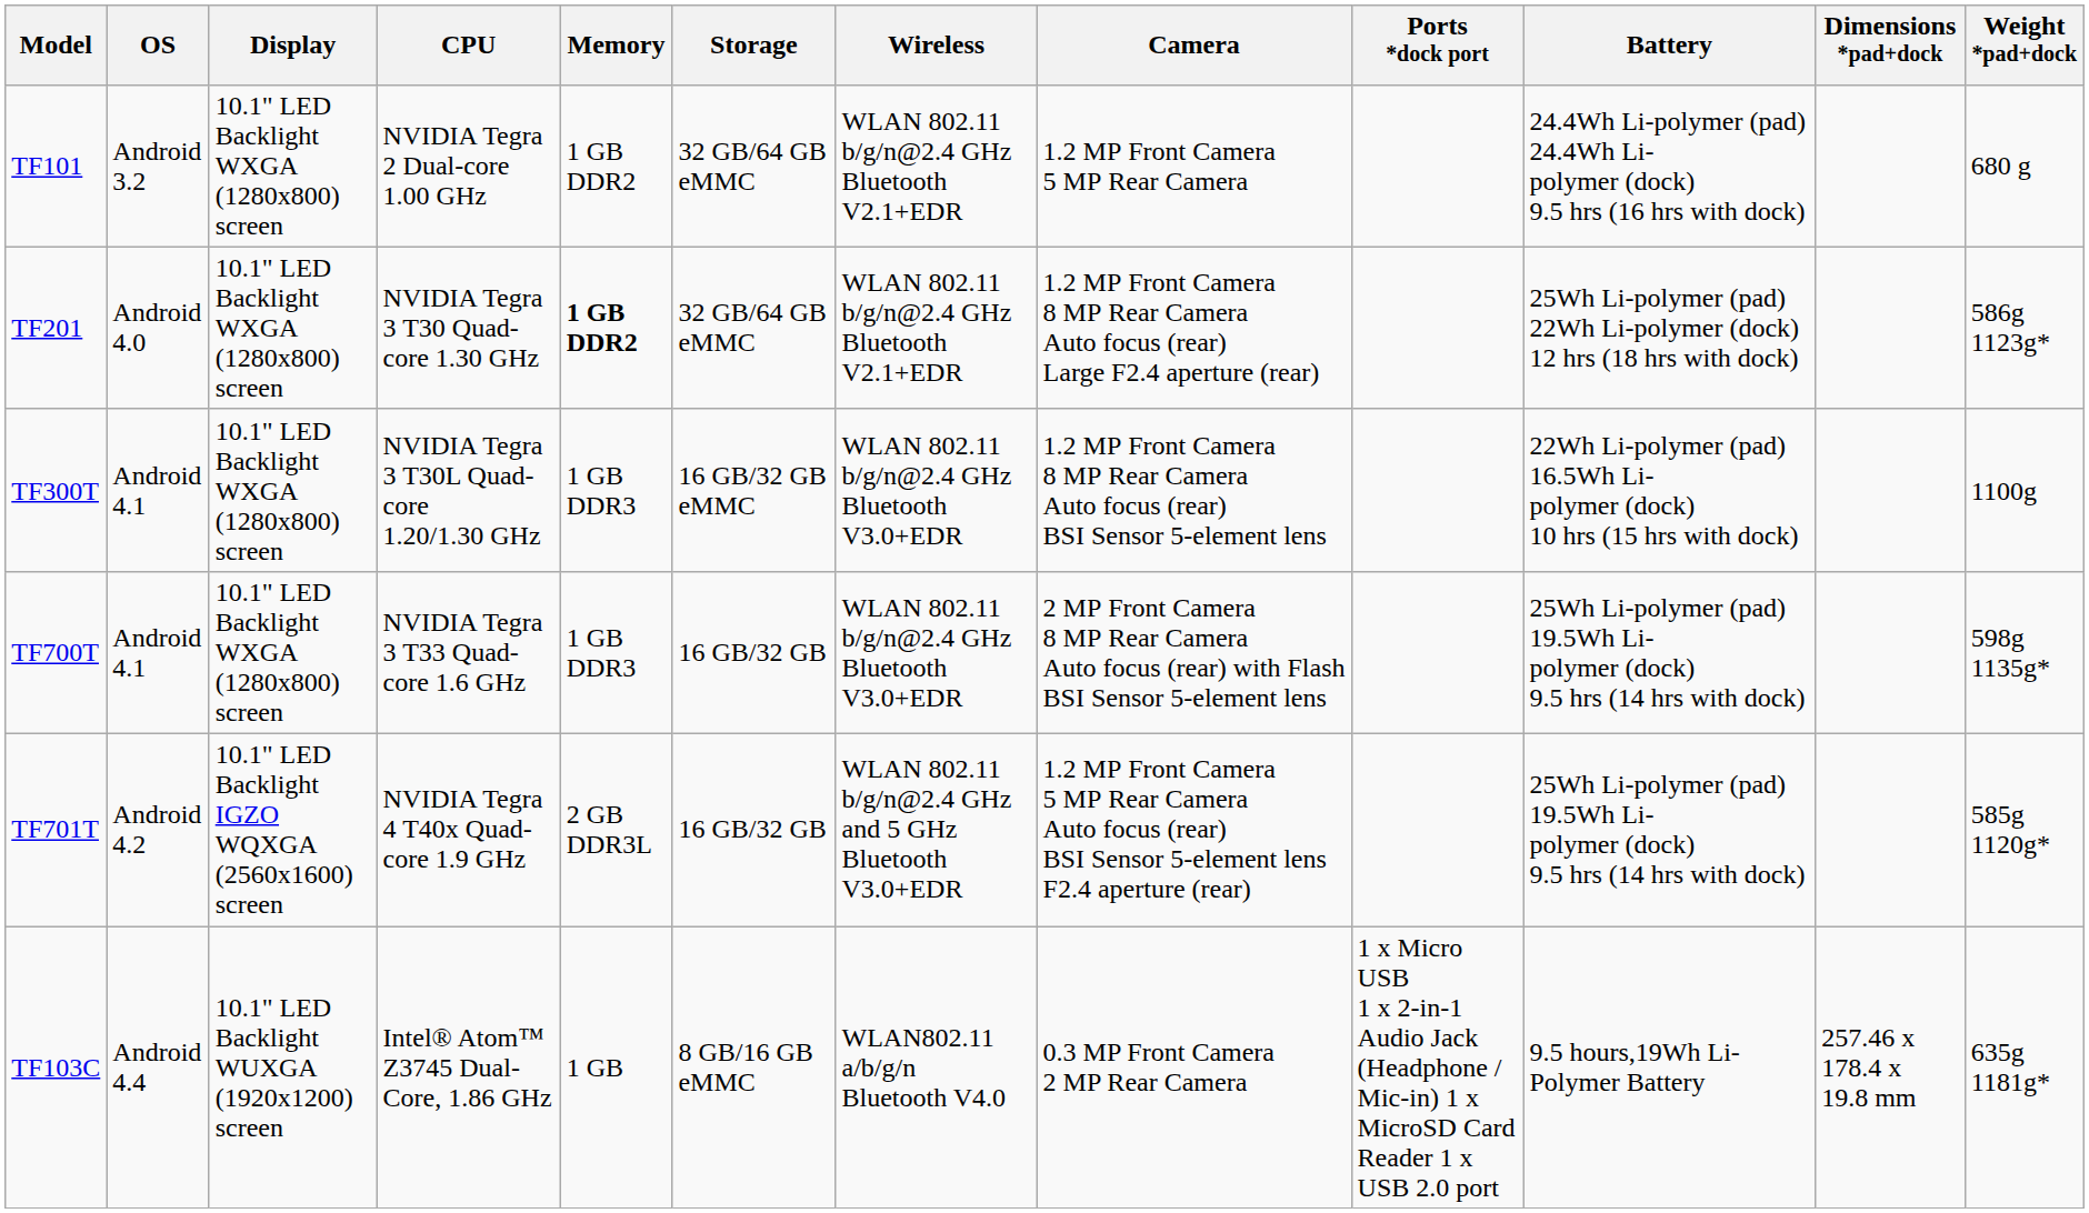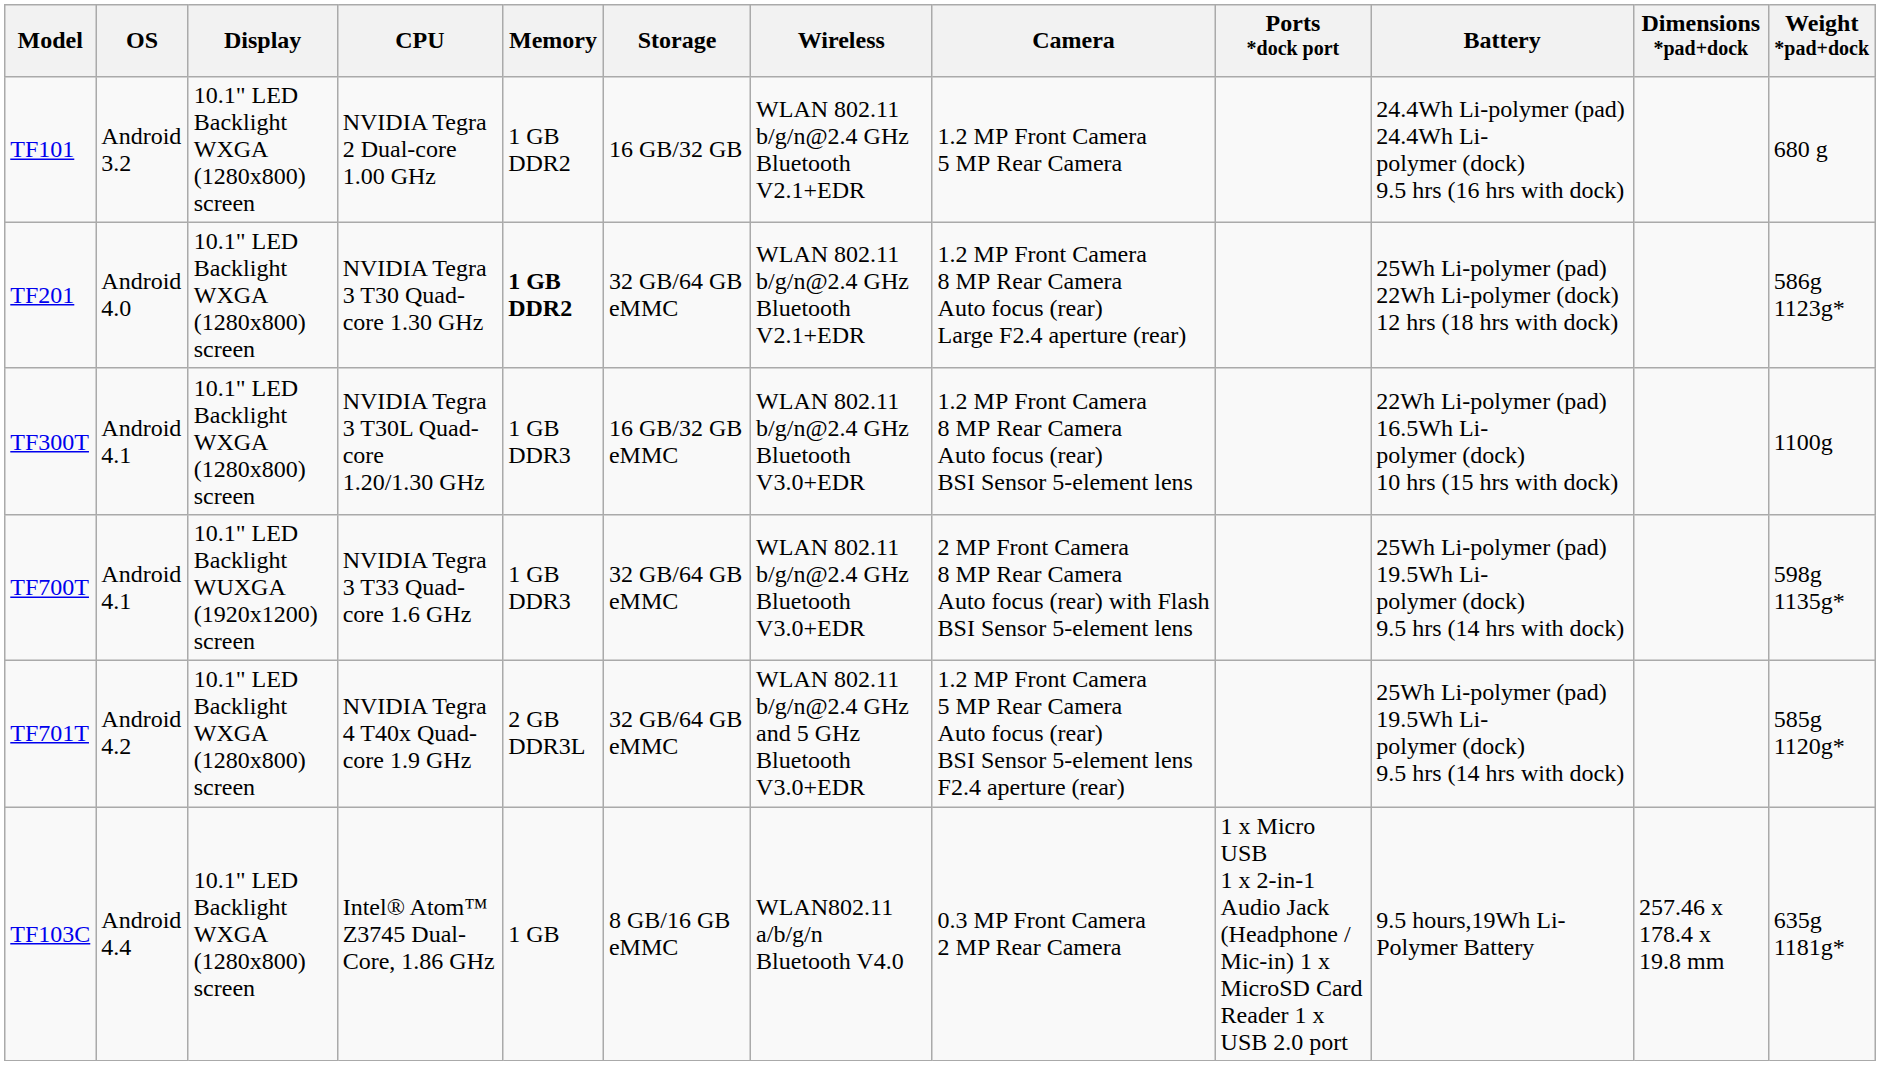 <table class="wikitable">
 <tr>
 <th>Model</th>
 <th>OS</th>
 <th>Display</th>
 <th>CPU</th>
 <th>Memory</th>
 <th>Storage</th>
 <th>Wireless</th>
 <th>Camera</th>
 <th>Ports <div><sup>*dock port</sup></div></th>
 <th>Battery</th>
 <th>Dimensions <div><sup>*pad+dock</sup></div></th>
 <th>Weight <div><sup>*pad+dock</sup></div></th>
 </tr>
 <tr>
 <td><a href='#'>TF101</a></td>
 <td>Android 3.2</td>
 <td>10.1" LED Backlight WXGA (1280x800) screen</td>
 <td>NVIDIA Tegra 2 Dual-core 1.00 GHz</td>
 <td>1 GB DDR2</td>
-<td>32 GB/64 GB eMMC</td>
+<td>16 GB/32 GB</td>
 <td>WLAN 802.11 b/g/n@2.4 GHz Bluetooth V2.1+EDR</td>
 <td>1.2 MP Front Camera<br>5 MP Rear Camera</td>
 <td><br><br><br><br><br></td>
 <td>24.4Wh Li-polymer (pad)<br>24.4Wh Li-polymer (dock)<br>9.5 hrs (16 hrs with dock)</td>
 <td></td>
 <td>680 g</td>
 </tr>
 <tr>
 <td><a href='#'>TF201</a></td>
 <td>Android 4.0</td>
 <td>10.1" LED Backlight WXGA (1280x800) screen</td>
 <td>NVIDIA Tegra 3 T30 Quad-core 1.30 GHz</td>
 <td><strong>1 GB DDR2</strong></td>
 <td>32 GB/64 GB eMMC</td>
 <td>WLAN 802.11 b/g/n@2.4 GHz Bluetooth V2.1+EDR</td>
 <td>1.2 MP Front Camera<br>8 MP Rear Camera<br>Auto focus (rear)<br>Large F2.4 aperture (rear)</td>
 <td><br><br><br><br></td>
 <td>25Wh Li-polymer (pad)<br>22Wh Li-polymer (dock)<br>12 hrs (18 hrs with dock)</td>
 <td><br></td>
 <td>586g 1123g*</td>
 </tr>
 <tr>
 <td><a href='#'>TF300T</a></td>
 <td>Android 4.1</td>
 <td>10.1" LED Backlight WXGA (1280x800) screen</td>
 <td>NVIDIA Tegra 3 T30L Quad-core 1.20/1.30 GHz</td>
 <td>1 GB DDR3</td>
 <td>16 GB/32 GB eMMC</td>
 <td>WLAN 802.11 b/g/n@2.4 GHz Bluetooth V3.0+EDR</td>
 <td>1.2 MP Front Camera<br>8 MP Rear Camera<br>Auto focus (rear)<br>BSI Sensor 5-element lens</td>
 <td><br><br><br><br></td>
 <td>22Wh Li-polymer (pad)<br>16.5Wh Li-polymer (dock)<br>10 hrs (15 hrs with dock)</td>
 <td><br></td>
 <td>1100g</td>
 </tr>
 <tr>
 <td><a href='#'>TF700T</a></td>
 <td>Android 4.1</td>
-<td>10.1" LED Backlight WXGA (1280x800) screen</td>
+<td>10.1" LED Backlight WUXGA (1920x1200) screen</td>
 <td>NVIDIA Tegra 3 T33 Quad-core 1.6 GHz</td>
 <td>1 GB DDR3</td>
-<td>16 GB/32 GB</td>
+<td>32 GB/64 GB eMMC</td>
 <td>WLAN 802.11 b/g/n@2.4 GHz Bluetooth V3.0+EDR</td>
 <td>2 MP Front Camera<br>8 MP Rear Camera<br>Auto focus (rear) with Flash<br>BSI Sensor 5-element lens</td>
 <td><br><br><br><br></td>
 <td>25Wh Li-polymer (pad)<br>19.5Wh Li-polymer (dock)<br>9.5 hrs (14 hrs with dock)</td>
 <td><br></td>
 <td>598g 1135g*</td>
 </tr>
 <tr>
 <td><a href='#'>TF701T</a></td>
 <td>Android 4.2</td>
-<td>10.1" LED Backlight <a href='#'>IGZO</a> WQXGA (2560x1600) screen</td>
+<td>10.1" LED Backlight WXGA (1280x800) screen</td>
 <td>NVIDIA Tegra 4 T40x Quad-core 1.9 GHz</td>
 <td>2 GB DDR3L</td>
-<td>16 GB/32 GB</td>
+<td>32 GB/64 GB eMMC</td>
 <td>WLAN 802.11 b/g/n@2.4 GHz and 5 GHz Bluetooth V3.0+EDR</td>
 <td>1.2 MP Front Camera<br>5 MP Rear Camera<br>Auto focus (rear) <br>BSI Sensor 5-element lens<br>F2.4 aperture (rear) <br></td>
 <td><br><br><br><br></td>
 <td>25Wh Li-polymer (pad)<br>19.5Wh Li-polymer (dock)<br>9.5 hrs (14 hrs with dock)</td>
 <td><br></td>
 <td>585g 1120g*</td>
 </tr>
 <tr>
 <td><a href='#'>TF103C</a></td>
 <td>Android 4.4</td>
-<td>10.1" LED Backlight WUXGA (1920x1200) screen</td>
+<td>10.1" LED Backlight WXGA (1280x800) screen</td>
 <td>Intel® Atom™ Z3745 Dual-Core, 1.86 GHz</td>
 <td>1 GB</td>
 <td>8 GB/16 GB eMMC</td>
 <td>WLAN802.11 a/b/g/n<br>Bluetooth V4.0</td>
 <td>0.3 MP Front Camera<br>2 MP Rear Camera</td>
 <td>1 x Micro USB<br>1 x 2-in-1 Audio Jack (Headphone / Mic-in) 1 x MicroSD Card Reader 1 x USB 2.0 port</td>
 <td>9.5 hours,19Wh Li-Polymer Battery</td>
 <td>257.46 x 178.4 x 19.8 mm</td>
 <td>635g 1181g*</td>
 </tr>
 </table>
